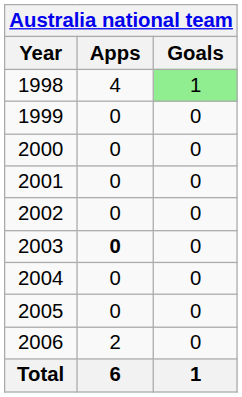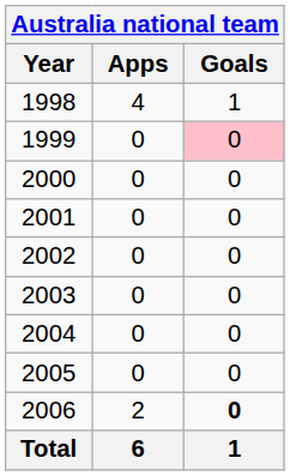 <table class="wikitable" style="text-align:center">
 <tr>
 <th colspan=3><a href='#'>Australia national team</a></th>
 </tr>
 <tr>
 <th>Year</th>
 <th>Apps</th>
 <th>Goals</th>
 </tr>
 <tr>
 <td>1998</td>
 <td>4</td>
-<td style="background: lightgreen;">1</td>
+<td>1</td>
 </tr>
 <tr>
 <td>1999</td>
 <td>0</td>
-<td>0</td>
+<td style="background: pink;">0</td>
 </tr>
 <tr>
 <td>2000</td>
 <td>0</td>
 <td>0</td>
 </tr>
 <tr>
 <td>2001</td>
 <td>0</td>
 <td>0</td>
 </tr>
 <tr>
 <td>2002</td>
 <td>0</td>
 <td>0</td>
 </tr>
 <tr>
 <td>2003</td>
-<td><strong>0</strong></td>
+<td>0</td>
 <td>0</td>
 </tr>
 <tr>
 <td>2004</td>
 <td>0</td>
 <td>0</td>
 </tr>
 <tr>
 <td>2005</td>
 <td>0</td>
 <td>0</td>
 </tr>
 <tr>
 <td>2006</td>
 <td>2</td>
-<td>0</td>
+<td><strong>0</strong></td>
 </tr>
 <tr>
 <th>Total</th>
 <th>6</th>
 <th>1</th>
 </tr>
 </table>
